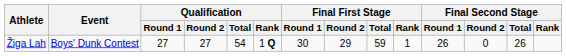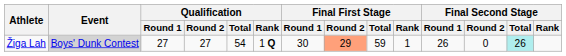 <table class="wikitable" style="font-size:90%;">
 <tr>
 <th rowspan=2>Athlete</th>
 <th rowspan=2>Event</th>
 <th colspan=4>Qualification</th>
 <th colspan=4>Final First Stage</th>
 <th colspan=4>Final Second Stage</th>
 </tr>
 <tr style="font-size:95%">
 <th>Round 1</th>
 <th>Round 2</th>
 <th>Total</th>
 <th>Rank</th>
 <th>Round 1</th>
 <th>Round 2</th>
 <th>Total</th>
 <th>Rank</th>
 <th>Round 1</th>
 <th>Round 2</th>
 <th>Total</th>
 <th>Rank</th>
 </tr>
 <tr align=center>
 <td align=left><a href='#'>Žiga Lah</a></td>
-<td align=left><a href='#'>Boys' Dunk Contest</a></td>
+<td align=left style="background: lightgrey;"><a href='#'>Boys' Dunk Contest</a></td>
 <td>27</td>
 <td>27</td>
 <td>54</td>
 <td>1 <strong>Q</strong></td>
 <td>30</td>
-<td>29</td>
+<td style="background: lightsalmon;">29</td>
 <td>59</td>
 <td>1</td>
 <td>26</td>
 <td>0</td>
-<td>26</td>
+<td style="background: paleturquoise;">26</td>
 <td></td>
 </tr>
 </table>
